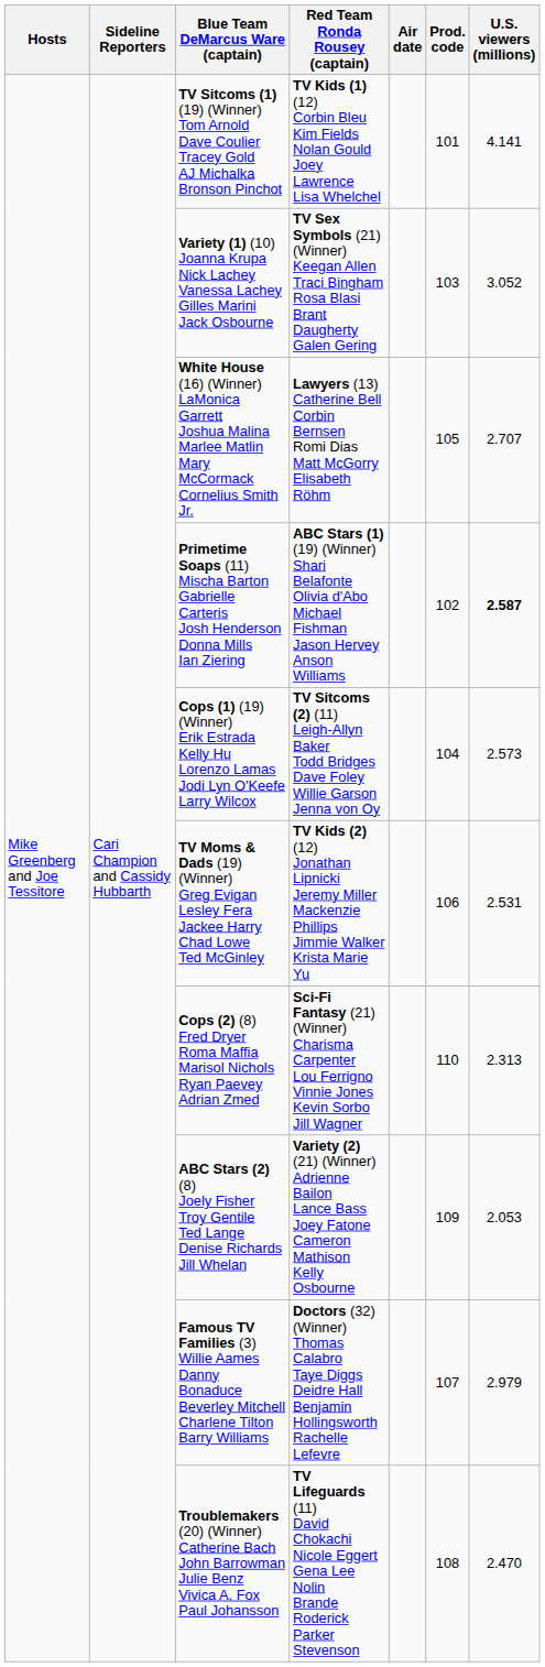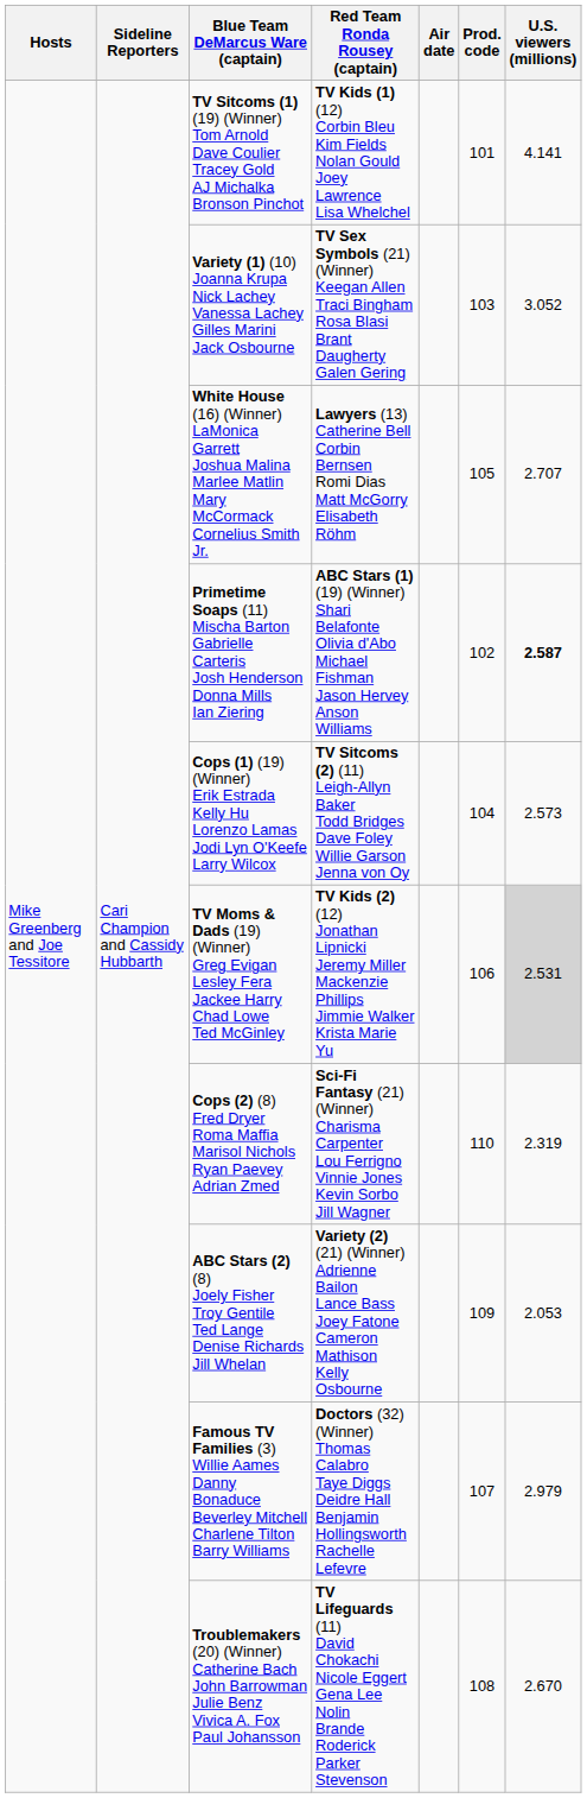 <table class="wikitable">
 <tr>
 <th>Hosts</th>
 <th>Sideline Reporters</th>
 <th>Blue Team<br><a href='#'>DeMarcus Ware</a> (captain)</th>
 <th>Red Team<br><a href='#'>Ronda Rousey</a> (captain)</th>
 <th>Air date</th>
 <th>Prod.<br>code</th>
 <th>U.S. viewers<br>(millions)</th>
 </tr>
 <tr>
 <td rowspan=10><a href='#'>Mike Greenberg</a> and <a href='#'>Joe Tessitore</a></td>
 <td rowspan=10><a href='#'>Cari Champion</a> and <a href='#'>Cassidy Hubbarth</a></td>
 <td><strong>TV Sitcoms (1)</strong> (19) (Winner)<br><a href='#'>Tom Arnold</a><br><a href='#'>Dave Coulier </a><br><a href='#'>Tracey Gold</a><br><a href='#'>AJ Michalka</a><br><a href='#'>Bronson Pinchot</a></td>
 <td><strong>TV Kids (1)</strong> (12)<br><a href='#'>Corbin Bleu</a><br><a href='#'>Kim Fields</a><br><a href='#'>Nolan Gould</a><br><a href='#'>Joey Lawrence</a><br><a href='#'>Lisa Whelchel</a></td>
 <td align=center></td>
 <td align=center>101</td>
 <td align=center>4.141</td>
 </tr>
 <tr>
 <td><strong>Variety (1)</strong> (10)<br><a href='#'>Joanna Krupa</a><br><a href='#'>Nick Lachey</a><br><a href='#'>Vanessa Lachey</a><br><a href='#'>Gilles Marini</a><br><a href='#'>Jack Osbourne</a></td>
 <td><strong>TV Sex Symbols</strong> (21) (Winner)<br><a href='#'>Keegan Allen</a><br><a href='#'>Traci Bingham</a><br><a href='#'>Rosa Blasi</a><br><a href='#'>Brant Daugherty</a><br><a href='#'>Galen Gering</a></td>
 <td align=center></td>
 <td align=center>103</td>
 <td align=center>3.052</td>
 </tr>
 <tr>
 <td><strong>White House</strong> (16) (Winner)<br><a href='#'>LaMonica Garrett</a><br><a href='#'>Joshua Malina</a><br><a href='#'>Marlee Matlin</a><br><a href='#'>Mary McCormack</a><br><a href='#'>Cornelius Smith Jr.</a></td>
 <td><strong>Lawyers</strong> (13)<br><a href='#'>Catherine Bell</a><br><a href='#'>Corbin Bernsen</a><br>Romi Dias<br><a href='#'>Matt McGorry</a><br><a href='#'>Elisabeth Röhm</a></td>
 <td align=center></td>
 <td align=center>105</td>
 <td align=center>2.707</td>
 </tr>
 <tr>
 <td><strong>Primetime Soaps</strong> (11)<br><a href='#'>Mischa Barton</a><br><a href='#'>Gabrielle Carteris</a><br><a href='#'>Josh Henderson</a><br><a href='#'>Donna Mills</a><br><a href='#'>Ian Ziering</a></td>
 <td><strong>ABC Stars (1)</strong> (19) (Winner)<br><a href='#'>Shari Belafonte</a><br><a href='#'>Olivia d'Abo</a><br><a href='#'>Michael Fishman</a><br><a href='#'>Jason Hervey</a><br><a href='#'>Anson Williams</a></td>
 <td align=center></td>
 <td align=center>102</td>
 <td align=center><strong>2.587</strong></td>
 </tr>
 <tr>
 <td><strong>Cops (1)</strong> (19) (Winner)<br><a href='#'>Erik Estrada</a><br><a href='#'>Kelly Hu</a><br><a href='#'>Lorenzo Lamas</a><br><a href='#'>Jodi Lyn O'Keefe</a><br><a href='#'>Larry Wilcox</a></td>
 <td><strong>TV Sitcoms (2)</strong> (11)<br><a href='#'>Leigh-Allyn Baker</a><br><a href='#'>Todd Bridges</a><br><a href='#'>Dave Foley</a><br><a href='#'>Willie Garson</a><br><a href='#'>Jenna von Oy</a></td>
 <td align=center></td>
 <td align=center>104</td>
 <td align=center>2.573</td>
 </tr>
 <tr>
 <td><strong>TV Moms & Dads</strong> (19) (Winner)<br><a href='#'>Greg Evigan</a><br><a href='#'>Lesley Fera</a><br><a href='#'>Jackee Harry</a><br><a href='#'>Chad Lowe</a><br><a href='#'>Ted McGinley</a></td>
 <td><strong>TV Kids (2)</strong> (12) <br><a href='#'>Jonathan Lipnicki</a><br><a href='#'>Jeremy Miller</a><br><a href='#'>Mackenzie Phillips</a><br><a href='#'>Jimmie Walker</a><br><a href='#'>Krista Marie Yu</a></td>
 <td align=center></td>
 <td align=center>106</td>
-<td align=center>2.531</td>
+<td align=center style="background: lightgrey;">2.531</td>
 </tr>
 <tr>
 <td><strong>Cops (2)</strong> (8)<br><a href='#'>Fred Dryer</a><br><a href='#'>Roma Maffia</a><br><a href='#'>Marisol Nichols</a><br><a href='#'>Ryan Paevey</a><br><a href='#'>Adrian Zmed</a></td>
 <td><strong>Sci-Fi Fantasy</strong> (21) (Winner)<br><a href='#'>Charisma Carpenter</a><br><a href='#'>Lou Ferrigno</a><br><a href='#'>Vinnie Jones</a><br><a href='#'>Kevin Sorbo</a><br><a href='#'>Jill Wagner</a></td>
 <td align=center></td>
 <td align=center>110</td>
-<td align=center>2.313</td>
+<td align=center>2.319</td>
 </tr>
 <tr>
 <td><strong>ABC Stars (2)</strong> (8)<br><a href='#'>Joely Fisher</a><br><a href='#'>Troy Gentile</a><br><a href='#'>Ted Lange</a><br><a href='#'>Denise Richards</a><br><a href='#'>Jill Whelan</a></td>
 <td><strong>Variety (2)</strong> (21) (Winner)<br><a href='#'>Adrienne Bailon</a><br><a href='#'>Lance Bass</a><br><a href='#'>Joey Fatone</a><br><a href='#'>Cameron Mathison</a><br><a href='#'>Kelly Osbourne</a></td>
 <td align=center></td>
 <td align=center>109</td>
 <td align=center>2.053</td>
 </tr>
 <tr>
 <td><strong>Famous TV Families</strong> (3)<br><a href='#'>Willie Aames</a><br><a href='#'>Danny Bonaduce</a><br><a href='#'>Beverley Mitchell</a><br><a href='#'>Charlene Tilton</a><br><a href='#'>Barry Williams</a></td>
 <td><strong>Doctors</strong> (32) (Winner)<br><a href='#'>Thomas Calabro</a><br><a href='#'>Taye Diggs</a><br><a href='#'>Deidre Hall</a><br><a href='#'>Benjamin Hollingsworth</a><br><a href='#'>Rachelle Lefevre</a></td>
 <td align=center></td>
 <td align=center>107</td>
 <td align=center>2.979</td>
 </tr>
 <tr>
 <td><strong>Troublemakers</strong> (20) (Winner)<br><a href='#'>Catherine Bach</a><br><a href='#'>John Barrowman</a><br><a href='#'>Julie Benz</a><br><a href='#'>Vivica A. Fox</a><br><a href='#'>Paul Johansson</a></td>
 <td><strong>TV Lifeguards</strong> (11)<br><a href='#'>David Chokachi</a><br><a href='#'>Nicole Eggert</a><br><a href='#'>Gena Lee Nolin</a><br><a href='#'>Brande Roderick</a><br><a href='#'>Parker Stevenson</a></td>
 <td align=center></td>
 <td align=center>108</td>
-<td align=center>2.470</td>
+<td align=center>2.670</td>
 </tr>
 </table>
